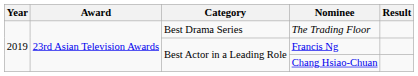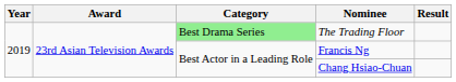 <table class="wikitable">
 <tr>
 <th>Year</th>
 <th>Award</th>
 <th>Category</th>
 <th>Nominee</th>
 <th>Result</th>
 </tr>
 <tr>
 <td rowspan=3>2019</td>
 <td rowspan=3><a href='#'>23rd Asian Television Awards</a></td>
-<td>Best Drama Series</td>
+<td style="background: lightgreen;">Best Drama Series</td>
 <td><em>The Trading Floor</em></td>
 <td></td>
 </tr>
 <tr>
 <td rowspan=2>Best Actor in a Leading Role</td>
 <td><a href='#'>Francis Ng</a></td>
 <td></td>
 </tr>
 <tr>
 <td><a href='#'>Chang Hsiao-Chuan</a></td>
 <td></td>
 </tr>
 </table>
